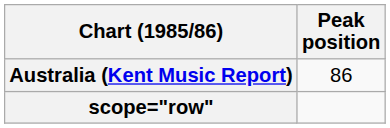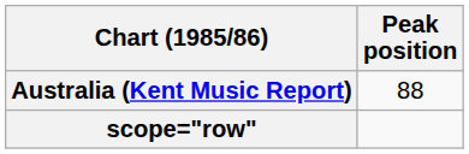 <table class="wikitable sortable plainrowheaders">
 <tr>
 <th scope="col">Chart (1985/86)</th>
 <th scope="col">Peak<br>position</th>
 </tr>
 <tr>
 <th scope="row">Australia (<a href='#'>Kent Music Report</a>)</th>
-<td style="text-align:center;">86</td>
+<td style="text-align:center;">88</td>
 </tr>
 <tr>
 <th>scope="row"</th>
 </tr>
 </table>
